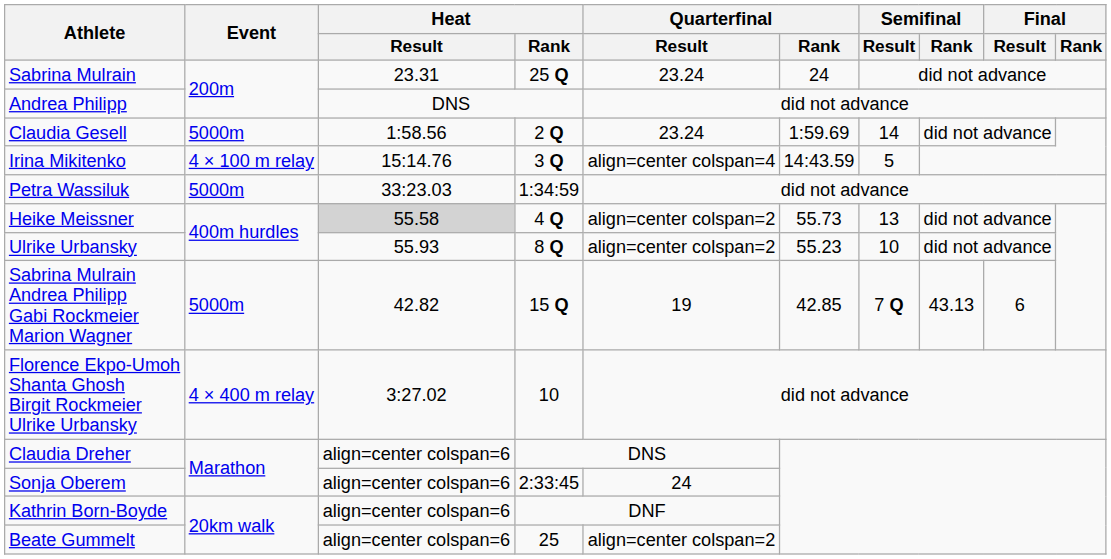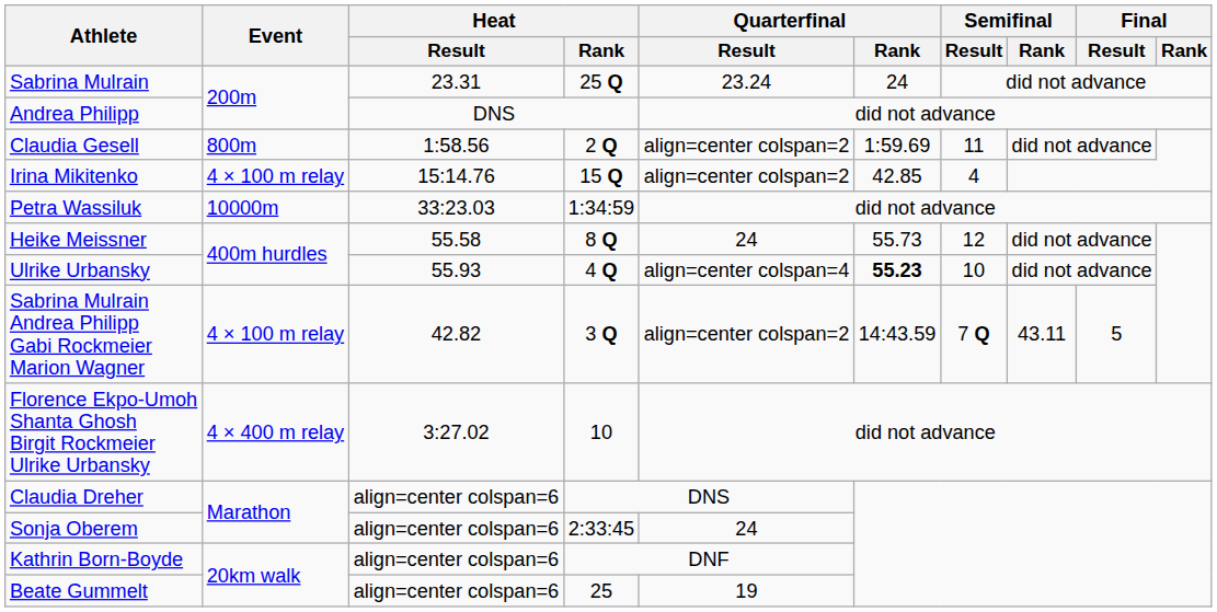 <table class=wikitable style="font-size:90%">
 <tr>
 <th rowspan="2">Athlete</th>
 <th rowspan="2">Event</th>
 <th colspan="2">Heat</th>
 <th colspan="2">Quarterfinal</th>
 <th colspan="2">Semifinal</th>
 <th colspan="2">Final</th>
 </tr>
 <tr style="font-size:95%">
 <th>Result</th>
 <th>Rank</th>
 <th>Result</th>
 <th>Rank</th>
 <th>Result</th>
 <th>Rank</th>
 <th>Result</th>
 <th>Rank</th>
 </tr>
 <tr>
 <td align=left><a href='#'>Sabrina Mulrain</a></td>
 <td align=left rowspan=2><a href='#'>200m</a></td>
 <td align=center>23.31</td>
 <td align=center>25 <strong>Q</strong></td>
 <td align=center>23.24</td>
 <td align=center>24</td>
 <td align=center colspan=4>did not advance</td>
 </tr>
 <tr>
 <td align=left><a href='#'>Andrea Philipp</a></td>
 <td align=center colspan=2>DNS</td>
 <td align=center colspan=6>did not advance</td>
 </tr>
 <tr>
 <td align=left><a href='#'>Claudia Gesell</a></td>
-<td align=left><a href='#'>5000m</a></td>
+<td align=left><a href='#'>800m</a></td>
 <td align=center>1:58.56</td>
 <td align=center>2 <strong>Q</strong></td>
-<td align=center>23.24</td>
+<td>align=center colspan=2 </td>
 <td align=center>1:59.69</td>
-<td align=center>14</td>
+<td align=center>11</td>
 <td align=center colspan=2>did not advance</td>
 </tr>
 <tr>
 <td align=left><a href='#'>Irina Mikitenko</a></td>
 <td align=left><a href='#'>4 × 100 m relay</a></td>
 <td align=center>15:14.76</td>
-<td align=center>3 <strong>Q</strong></td>
-<td>align=center colspan=4 </td>
-<td align=center>14:43.59</td>
-<td align=center>5</td>
+<td align=center>15 <strong>Q</strong></td>
+<td>align=center colspan=2 </td>
+<td align=center>42.85</td>
+<td align=center>4</td>
 </tr>
 <tr>
 <td align=left><a href='#'>Petra Wassiluk</a></td>
-<td align=left><a href='#'>5000m</a></td>
+<td align=left><a href='#'>10000m</a></td>
 <td align=center>33:23.03</td>
 <td align=center>1:34:59</td>
 <td align=center colspan=6>did not advance</td>
 </tr>
 <tr>
 <td align=left><a href='#'>Heike Meissner</a></td>
 <td align=left rowspan=2><a href='#'>400m hurdles</a></td>
-<td align=center style="background: lightgrey;">55.58</td>
-<td align=center>4 <strong>Q</strong></td>
-<td>align=center colspan=2 </td>
+<td align=center>55.58</td>
+<td align=center>8 <strong>Q</strong></td>
+<td align=center>24</td>
 <td align=center>55.73</td>
-<td align=center>13</td>
+<td align=center>12</td>
 <td align=center colspan=2>did not advance</td>
 </tr>
 <tr>
 <td align=left><a href='#'>Ulrike Urbansky</a></td>
 <td align=center>55.93</td>
-<td align=center>8 <strong>Q</strong></td>
-<td>align=center colspan=2 </td>
-<td align=center>55.23</td>
+<td align=center>4 <strong>Q</strong></td>
+<td>align=center colspan=4 </td>
+<td align=center><strong>55.23</strong></td>
 <td align=center>10</td>
 <td align=center colspan=2>did not advance</td>
 </tr>
 <tr>
 <td align=left><a href='#'>Sabrina Mulrain</a><br> <a href='#'>Andrea Philipp</a><br> <a href='#'>Gabi Rockmeier</a><br> <a href='#'>Marion Wagner</a></td>
-<td align=left><a href='#'>5000m</a></td>
+<td align=left><a href='#'>4 × 100 m relay</a></td>
 <td align=center>42.82</td>
-<td align=center>15 <strong>Q</strong></td>
-<td align=center>19</td>
-<td align=center>42.85</td>
+<td align=center>3 <strong>Q</strong></td>
+<td>align=center colspan=2 </td>
+<td align=center>14:43.59</td>
 <td align=center>7 <strong>Q</strong></td>
-<td align=center>43.13</td>
-<td align=center>6</td>
+<td align=center>43.11</td>
+<td align=center>5</td>
 </tr>
 <tr>
 <td align=left><a href='#'>Florence Ekpo-Umoh</a><br> <a href='#'>Shanta Ghosh</a><br> <a href='#'>Birgit Rockmeier</a><br> <a href='#'>Ulrike Urbansky</a></td>
 <td align=left><a href='#'>4 × 400 m relay</a></td>
 <td align=center>3:27.02</td>
 <td align=center>10</td>
 <td align=center colspan=6>did not advance</td>
 </tr>
 <tr>
 <td align=left><a href='#'>Claudia Dreher</a></td>
 <td align=left rowspan=2><a href='#'>Marathon</a></td>
 <td>align=center colspan=6 </td>
 <td align=center colspan=2>DNS</td>
 </tr>
 <tr>
 <td align=left><a href='#'>Sonja Oberem</a></td>
 <td>align=center colspan=6 </td>
 <td align=center>2:33:45</td>
 <td align=center>24</td>
 </tr>
 <tr>
 <td align=left><a href='#'>Kathrin Born-Boyde</a></td>
 <td align=left rowspan=2><a href='#'>20km walk</a></td>
 <td>align=center colspan=6 </td>
 <td align=center colspan=2>DNF</td>
 </tr>
 <tr>
 <td align=left><a href='#'>Beate Gummelt</a></td>
 <td>align=center colspan=6 </td>
 <td align=center>25</td>
-<td>align=center colspan=2 </td>
+<td align=center>19</td>
 </tr>
 </table>
